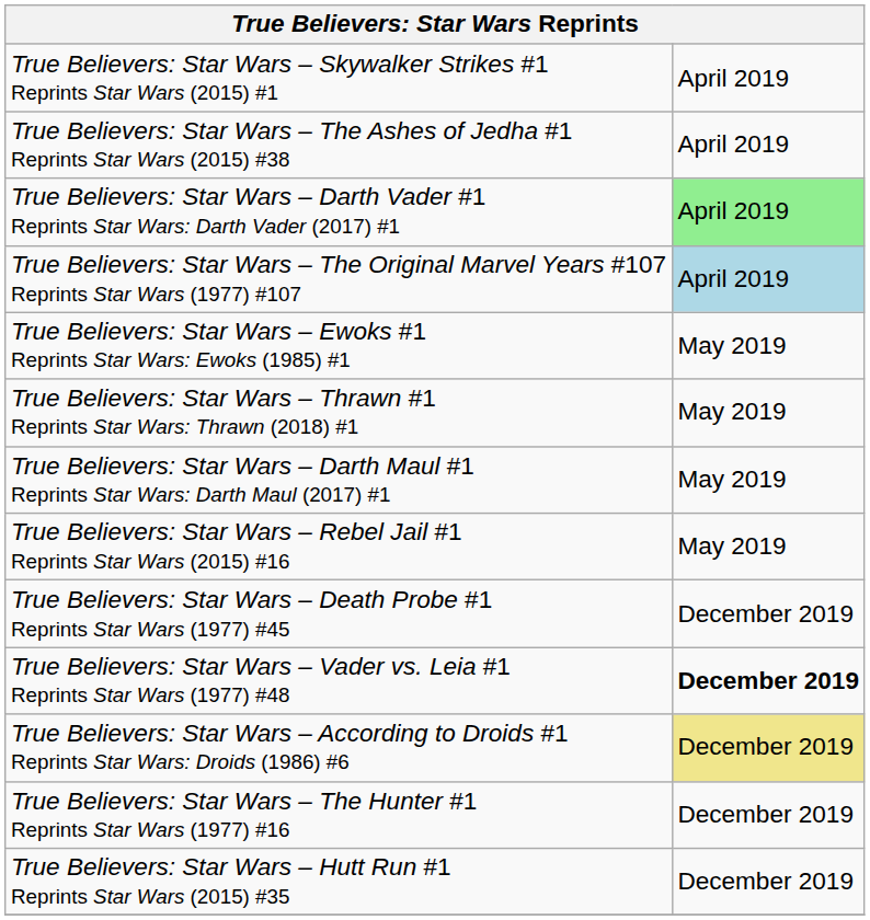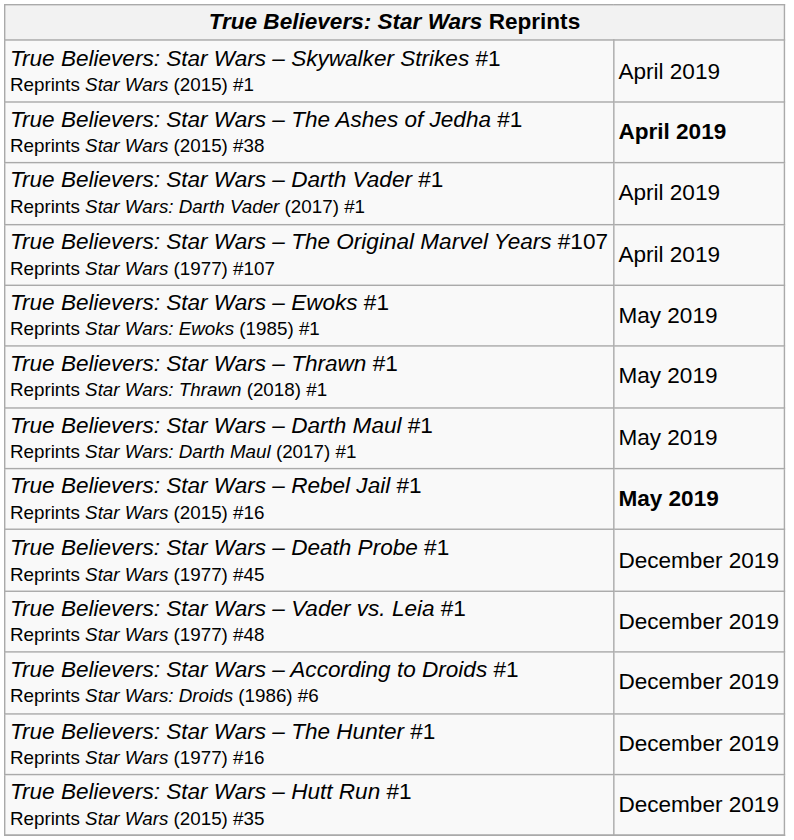 <table class="wikitable">
 <tr>
 <th colspan="2"><em>True Believers: Star Wars</em> Reprints</th>
 </tr>
 <tr>
 <td><em>True Believers: Star Wars – Skywalker Strikes</em> #1<br><small>Reprints <em>Star Wars</em> (2015) #1</small></td>
 <td>April 2019</td>
 </tr>
 <tr>
 <td><em>True Believers: Star Wars – The Ashes of Jedha</em> #1<br><small>Reprints <em>Star Wars</em> (2015) #38</small></td>
+<td><strong>April 2019</strong></td>
+</tr>
+<tr>
+<td><em>True Believers: Star Wars – Darth Vader</em> #1<br><small>Reprints <em>Star Wars: Darth Vader</em> (2017) #1</small></td>
 <td>April 2019</td>
 </tr>
 <tr>
-<td><em>True Believers: Star Wars – Darth Vader</em> #1<br><small>Reprints <em>Star Wars: Darth Vader</em> (2017) #1</small></td>
-<td style="background: lightgreen;">April 2019</td>
-</tr>
-<tr>
 <td><em>True Believers: Star Wars – The Original Marvel Years</em> #107<br><small>Reprints <em>Star Wars</em> (1977) #107</small></td>
-<td style="background: lightblue;">April 2019</td>
+<td>April 2019</td>
 </tr>
 <tr>
 <td><em>True Believers: Star Wars – Ewoks</em> #1<br><small>Reprints <em>Star Wars: Ewoks</em> (1985) #1</small></td>
 <td>May 2019</td>
 </tr>
 <tr>
 <td><em>True Believers: Star Wars – Thrawn</em> #1<br><small>Reprints <em>Star Wars: Thrawn</em> (2018) #1</small></td>
 <td>May 2019</td>
 </tr>
 <tr>
 <td><em>True Believers: Star Wars – Darth Maul</em> #1<br><small>Reprints <em>Star Wars: Darth Maul</em> (2017) #1</small></td>
 <td>May 2019</td>
 </tr>
 <tr>
 <td><em>True Believers: Star Wars – Rebel Jail</em> #1<br><small>Reprints <em>Star Wars</em> (2015) #16</small></td>
-<td>May 2019</td>
+<td><strong>May 2019</strong></td>
 </tr>
 <tr>
 <td><em>True Believers: Star Wars – Death Probe</em> #1<br><small>Reprints <em>Star Wars</em> (1977) #45</small></td>
 <td>December 2019</td>
 </tr>
 <tr>
 <td><em>True Believers: Star Wars – Vader vs. Leia</em> #1<br><small>Reprints <em>Star Wars</em> (1977) #48</small></td>
-<td><strong>December 2019</strong></td>
+<td>December 2019</td>
 </tr>
 <tr>
 <td><em>True Believers: Star Wars – According to Droids</em> #1<br><small>Reprints <em>Star Wars: Droids</em> (1986) #6</small></td>
-<td style="background: khaki;">December 2019</td>
+<td>December 2019</td>
 </tr>
 <tr>
 <td><em>True Believers: Star Wars – The Hunter</em> #1<br><small>Reprints <em>Star Wars</em> (1977) #16</small></td>
 <td>December 2019</td>
 </tr>
 <tr>
 <td><em>True Believers: Star Wars – Hutt Run</em> #1<br><small>Reprints <em>Star Wars</em> (2015) #35</small></td>
 <td>December 2019</td>
 </tr>
 <tr>
 </tr>
 <tr>
 </tr>
 </table>
